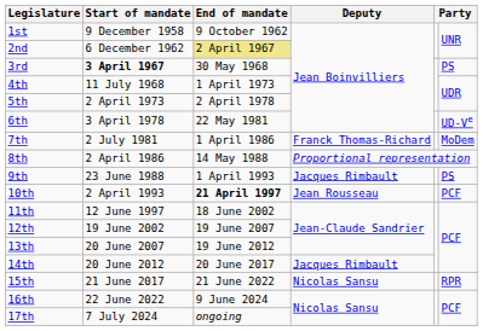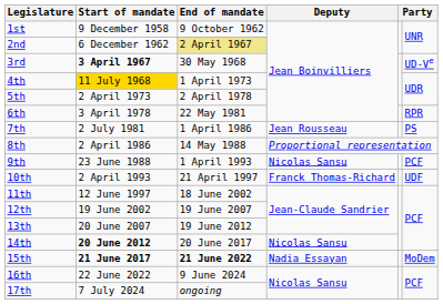 <table class="wikitable" style="font-size:95%;">
 <tr>
 <th>Legislature</th>
 <th>Start of mandate</th>
 <th>End of mandate</th>
 <th>Deputy</th>
 <th colspan="2">Party</th>
 </tr>
 <tr>
 <td><a href='#'>1st</a></td>
 <td>9 December 1958</td>
 <td>9 October 1962</td>
 <td rowspan="6"><a href='#'>Jean Boinvilliers</a></td>
 <td rowspan="2" style="color:inherit;background:"></td>
 <td rowspan="2"><a href='#'>UNR</a></td>
 </tr>
 <tr>
 <td><a href='#'>2nd</a></td>
 <td>6 December 1962</td>
 <td style="background: khaki;">2 April 1967</td>
 </tr>
 <tr>
 <td><a href='#'>3rd</a></td>
 <td><strong>3 April 1967</strong></td>
 <td>30 May 1968</td>
 <td rowspan="3" style="color:inherit;background:"></td>
-<td><a href='#'>PS</a></td>
+<td><a href='#'>UD-V<sup>e</sup></a></td>
 </tr>
 <tr>
 <td><a href='#'>4th</a></td>
-<td>11 July 1968</td>
+<td style="background: gold;">11 July 1968</td>
 <td>1 April 1973</td>
 <td rowspan="2"><a href='#'>UDR</a></td>
 </tr>
 <tr>
 <td><a href='#'>5th</a></td>
 <td>2 April 1973</td>
 <td>2 April 1978</td>
 </tr>
 <tr>
 <td><a href='#'>6th</a></td>
 <td>3 April 1978</td>
 <td>22 May 1981</td>
 <td style="color:inherit;background:"></td>
-<td><a href='#'>UD-V<sup>e</sup></a></td>
+<td><a href='#'>RPR</a></td>
 </tr>
 <tr>
 <td><a href='#'>7th</a></td>
 <td>2 July 1981</td>
 <td>1 April 1986</td>
-<td><a href='#'>Franck Thomas-Richard</a></td>
+<td><a href='#'>Jean Rousseau</a></td>
 <td style="color:inherit;background:"></td>
-<td><a href='#'>MoDem</a></td>
+<td><a href='#'>PS</a></td>
 </tr>
 <tr>
 <td><a href='#'>8th</a></td>
 <td>2 April 1986</td>
 <td>14 May 1988</td>
 <td colspan="3"><em><a href='#'>Proportional representation</a></em></td>
 </tr>
 <tr>
 <td><a href='#'>9th</a></td>
 <td>23 June 1988</td>
 <td>1 April 1993</td>
-<td><a href='#'>Jacques Rimbault</a></td>
+<td><a href='#'>Nicolas Sansu</a></td>
 <td style="color:inherit;background:"></td>
-<td><a href='#'>PS</a></td>
+<td><a href='#'>PCF</a></td>
 </tr>
 <tr>
 <td><a href='#'>10th</a></td>
 <td>2 April 1993</td>
-<td><strong>21 April 1997</strong></td>
-<td><a href='#'>Jean Rousseau</a></td>
+<td>21 April 1997</td>
+<td><a href='#'>Franck Thomas-Richard</a></td>
 <td style="color:inherit;background:"></td>
-<td><a href='#'>PCF</a></td>
+<td><a href='#'>UDF</a></td>
 </tr>
 <tr>
 <td><a href='#'>11th</a></td>
 <td>12 June 1997</td>
 <td>18 June 2002</td>
 <td rowspan="3"><a href='#'>Jean-Claude Sandrier</a></td>
 <td rowspan="4" style="color:inherit;background:"></td>
 <td rowspan="4"><a href='#'>PCF</a></td>
 </tr>
 <tr>
 <td><a href='#'>12th</a></td>
 <td>19 June 2002</td>
 <td>19 June 2007</td>
 </tr>
 <tr>
 <td><a href='#'>13th</a></td>
 <td>20 June 2007</td>
 <td>19 June 2012</td>
 </tr>
 <tr>
 <td><a href='#'>14th</a></td>
-<td>20 June 2012</td>
+<td><strong>20 June 2012</strong></td>
 <td>20 June 2017</td>
-<td><a href='#'>Jacques Rimbault</a></td>
+<td><a href='#'>Nicolas Sansu</a></td>
 </tr>
 <tr>
 <td><a href='#'>15th</a></td>
-<td>21 June 2017</td>
-<td>21 June 2022</td>
-<td><a href='#'>Nicolas Sansu</a></td>
+<td><strong>21 June 2017</strong></td>
+<td><strong>21 June 2022</strong></td>
+<td><a href='#'>Nadia Essayan</a></td>
 <td style="color:inherit;background:"></td>
-<td><a href='#'>RPR</a></td>
+<td><a href='#'>MoDem</a></td>
 </tr>
 <tr>
 <td><a href='#'>16th</a></td>
 <td>22 June 2022</td>
 <td>9 June 2024</td>
 <td rowspan="2"><a href='#'>Nicolas Sansu</a></td>
 <td rowspan="2" style="color:inherit;background:"></td>
 <td rowspan="2"><a href='#'>PCF</a></td>
 </tr>
 <tr>
 <td><a href='#'>17th</a></td>
 <td>7 July 2024</td>
 <td><em>ongoing</em></td>
 </tr>
 </table>
